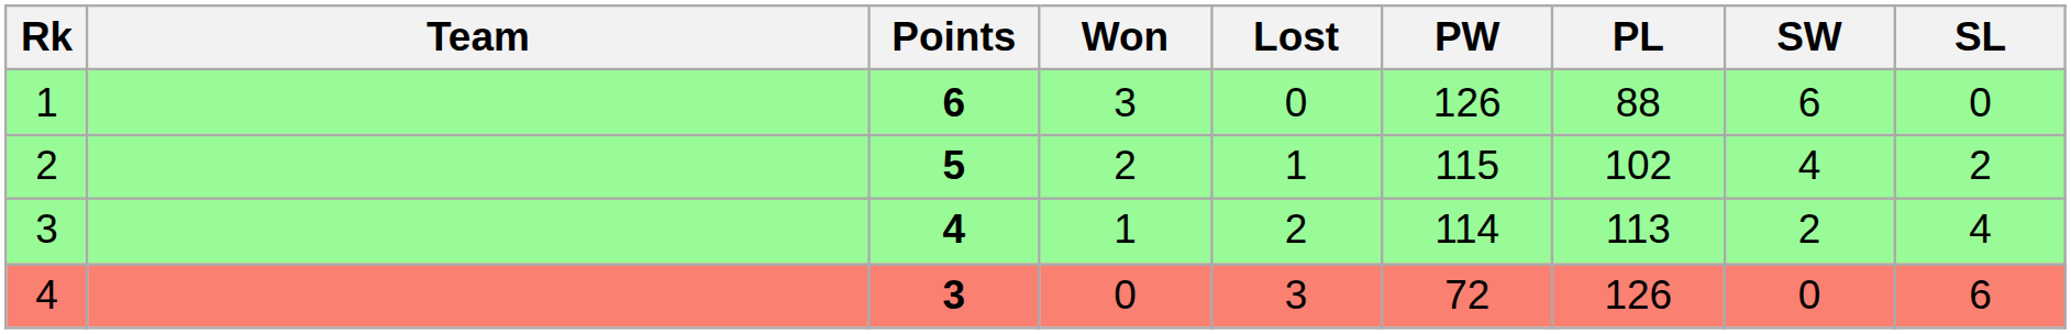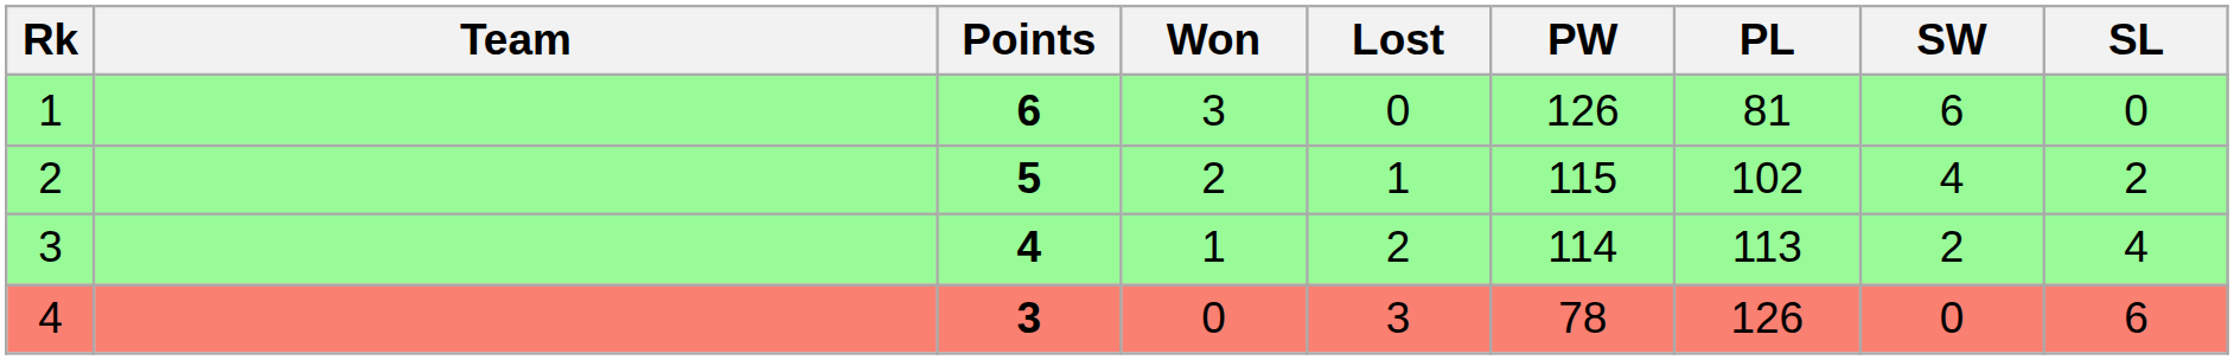 <table class=wikitable style=text-align:center>
 <tr>
 <th width=25>Rk</th>
 <th width=300>Team</th>
 <th width=60>Points</th>
 <th width=60>Won</th>
 <th width=60>Lost</th>
 <th width=60>PW</th>
 <th width=60>PL</th>
 <th width=60>SW</th>
 <th width=60>SL</th>
 </tr>
 <tr style="background: #98fb98">
 <td>1</td>
 <td align=left></td>
 <td><strong>6</strong></td>
 <td>3</td>
 <td>0</td>
 <td>126</td>
-<td>88</td>
+<td>81</td>
 <td>6</td>
 <td>0</td>
 </tr>
 <tr style="background: #98fb98">
 <td>2</td>
 <td align=left></td>
 <td><strong>5</strong></td>
 <td>2</td>
 <td>1</td>
 <td>115</td>
 <td>102</td>
 <td>4</td>
 <td>2</td>
 </tr>
 <tr style="background: #98fb98">
 <td>3</td>
 <td align=left></td>
 <td><strong>4</strong></td>
 <td>1</td>
 <td>2</td>
 <td>114</td>
 <td>113</td>
 <td>2</td>
 <td>4</td>
 </tr>
 <tr style="background: salmon">
 <td>4</td>
 <td align=left></td>
 <td><strong>3</strong></td>
 <td>0</td>
 <td>3</td>
-<td>72</td>
+<td>78</td>
 <td>126</td>
 <td>0</td>
 <td>6</td>
 </tr>
 </table>
